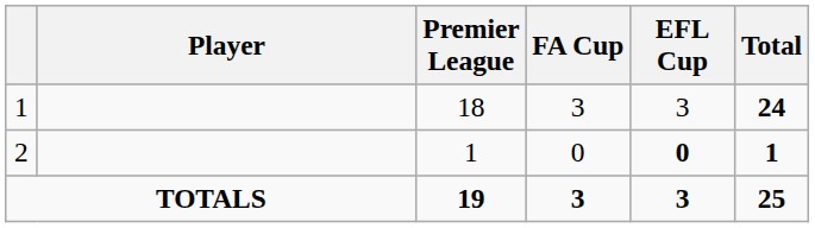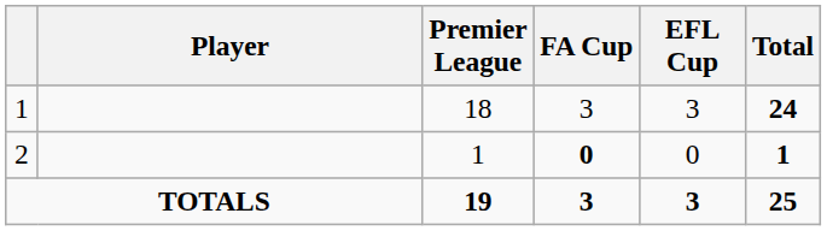 <table class="wikitable sortable" style="font-size: 95%; text-align: center">
 <tr>
 <th width=10></th>
 <th width=200>Player</th>
 <th width=50>Premier League</th>
 <th width=50>FA Cup</th>
 <th width=50>EFL Cup</th>
 <th>Total</th>
 </tr>
 <tr>
 <td>1</td>
 <td></td>
 <td>18</td>
 <td>3</td>
 <td>3</td>
 <td><strong>24</strong></td>
 </tr>
 <tr>
 <td>2</td>
 <td></td>
 <td>1</td>
+<td><strong>0</strong></td>
 <td>0</td>
-<td><strong>0</strong></td>
 <td><strong>1</strong></td>
 </tr>
 <tr>
 <td colspan="2"><strong>TOTALS</strong></td>
 <td><strong>19</strong></td>
 <td><strong>3</strong></td>
 <td><strong>3</strong></td>
 <td><strong>25</strong></td>
 </tr>
 </table>
